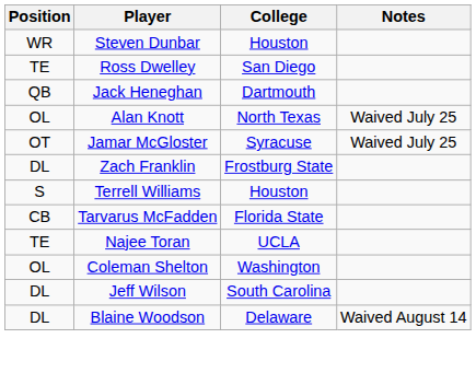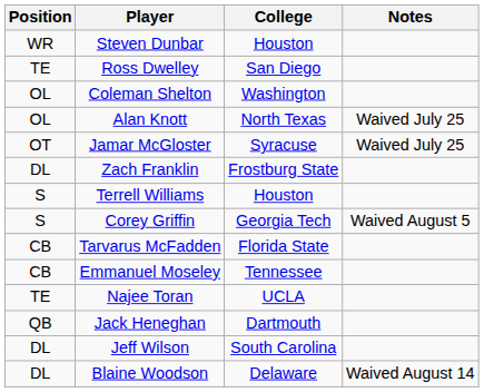 <table class="wikitable" style="text-align:center">
 <tr>
 <th>Position</th>
 <th>Player</th>
 <th>College</th>
 <th>Notes</th>
 </tr>
 <tr>
 <td>WR</td>
 <td><a href='#'>Steven Dunbar</a></td>
 <td><a href='#'>Houston</a></td>
 <td></td>
 </tr>
 <tr>
 <td>TE</td>
 <td><a href='#'>Ross Dwelley</a></td>
 <td><a href='#'>San Diego</a></td>
 <td></td>
 </tr>
 <tr>
-<td>QB</td>
-<td><a href='#'>Jack Heneghan</a></td>
-<td><a href='#'>Dartmouth</a></td>
+<td>OL</td>
+<td><a href='#'>Coleman Shelton</a></td>
+<td><a href='#'>Washington</a></td>
 <td></td>
 </tr>
 <tr>
 <td>OL</td>
 <td><a href='#'>Alan Knott</a></td>
 <td><a href='#'>North Texas</a></td>
 <td>Waived July 25</td>
 </tr>
 <tr>
 <td>OT</td>
 <td><a href='#'>Jamar McGloster</a></td>
 <td><a href='#'>Syracuse</a></td>
 <td>Waived July 25</td>
 </tr>
 <tr>
 <td>DL</td>
 <td><a href='#'>Zach Franklin</a></td>
 <td><a href='#'>Frostburg State</a></td>
 <td></td>
 </tr>
 <tr>
 <td>S</td>
 <td><a href='#'>Terrell Williams</a></td>
 <td><a href='#'>Houston</a></td>
 <td></td>
 </tr>
 <tr>
+<td>S</td>
+<td><a href='#'>Corey Griffin</a></td>
+<td><a href='#'>Georgia Tech</a></td>
+<td>Waived August 5</td>
+</tr>
+<tr>
 <td>CB</td>
 <td><a href='#'>Tarvarus McFadden</a></td>
 <td><a href='#'>Florida State</a></td>
+<td></td>
+</tr>
+<tr>
+<td>CB</td>
+<td><a href='#'>Emmanuel Moseley</a></td>
+<td><a href='#'>Tennessee</a></td>
 <td></td>
 </tr>
 <tr>
 <td>TE</td>
 <td><a href='#'>Najee Toran</a></td>
 <td><a href='#'>UCLA</a></td>
 <td></td>
 </tr>
 <tr>
-<td>OL</td>
-<td><a href='#'>Coleman Shelton</a></td>
-<td><a href='#'>Washington</a></td>
+<td>QB</td>
+<td><a href='#'>Jack Heneghan</a></td>
+<td><a href='#'>Dartmouth</a></td>
 <td></td>
 </tr>
 <tr>
 <td>DL</td>
 <td><a href='#'>Jeff Wilson</a></td>
 <td><a href='#'>South Carolina</a></td>
 <td></td>
 </tr>
 <tr>
 <td>DL</td>
 <td><a href='#'>Blaine Woodson</a></td>
 <td><a href='#'>Delaware</a></td>
 <td>Waived August 14</td>
 </tr>
 </table>
